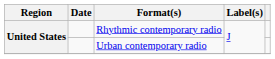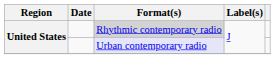 <table class="wikitable plainrowheaders" style="text-align:left">
 <tr>
 <th scope="col">Region</th>
 <th scope="col">Date</th>
 <th scope="col">Format(s)</th>
 <th scope="col">Label(s)</th>
 <th scope="col"></th>
 </tr>
 <tr>
 <th scope="row" rowspan="2">United States</th>
 <td></td>
-<td><a href='#'>Rhythmic contemporary radio</a></td>
+<td style="background: lightgrey;"><a href='#'>Rhythmic contemporary radio</a></td>
 <td rowspan="2"><a href='#'>J</a></td>
 <td></td>
 </tr>
 <tr>
 <td></td>
-<td><a href='#'>Urban contemporary radio</a></td>
+<td style="background: lavender;"><a href='#'>Urban contemporary radio</a></td>
 <td></td>
 </tr>
 <tr>
 </tr>
 </table>
